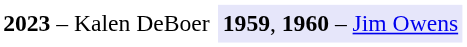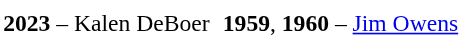 <table cellpadding="3" style="font-size:.9em">
 <tr>
 </tr>
 <tr>
 </tr>
 <tr style="vertical-align:top;">
 <td><strong>2023</strong> – Kalen DeBoer</td>
-<td style="background: lavender;"><strong>1959</strong>, <strong>1960</strong> – <a href='#'>Jim Owens</a></td>
+<td><strong>1959</strong>, <strong>1960</strong> – <a href='#'>Jim Owens</a></td>
 </tr>
 </table>
